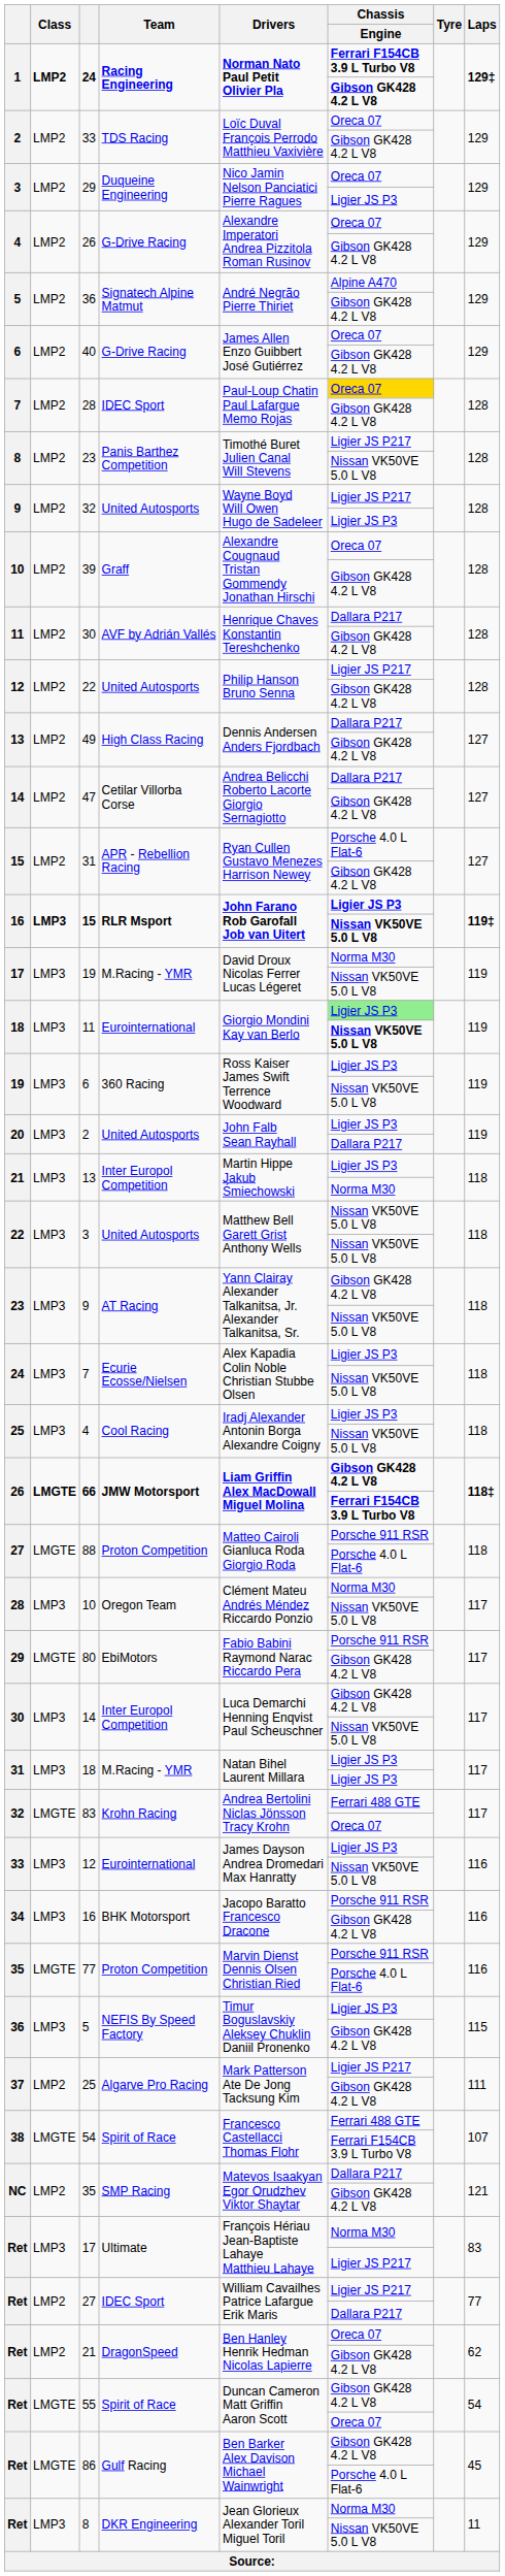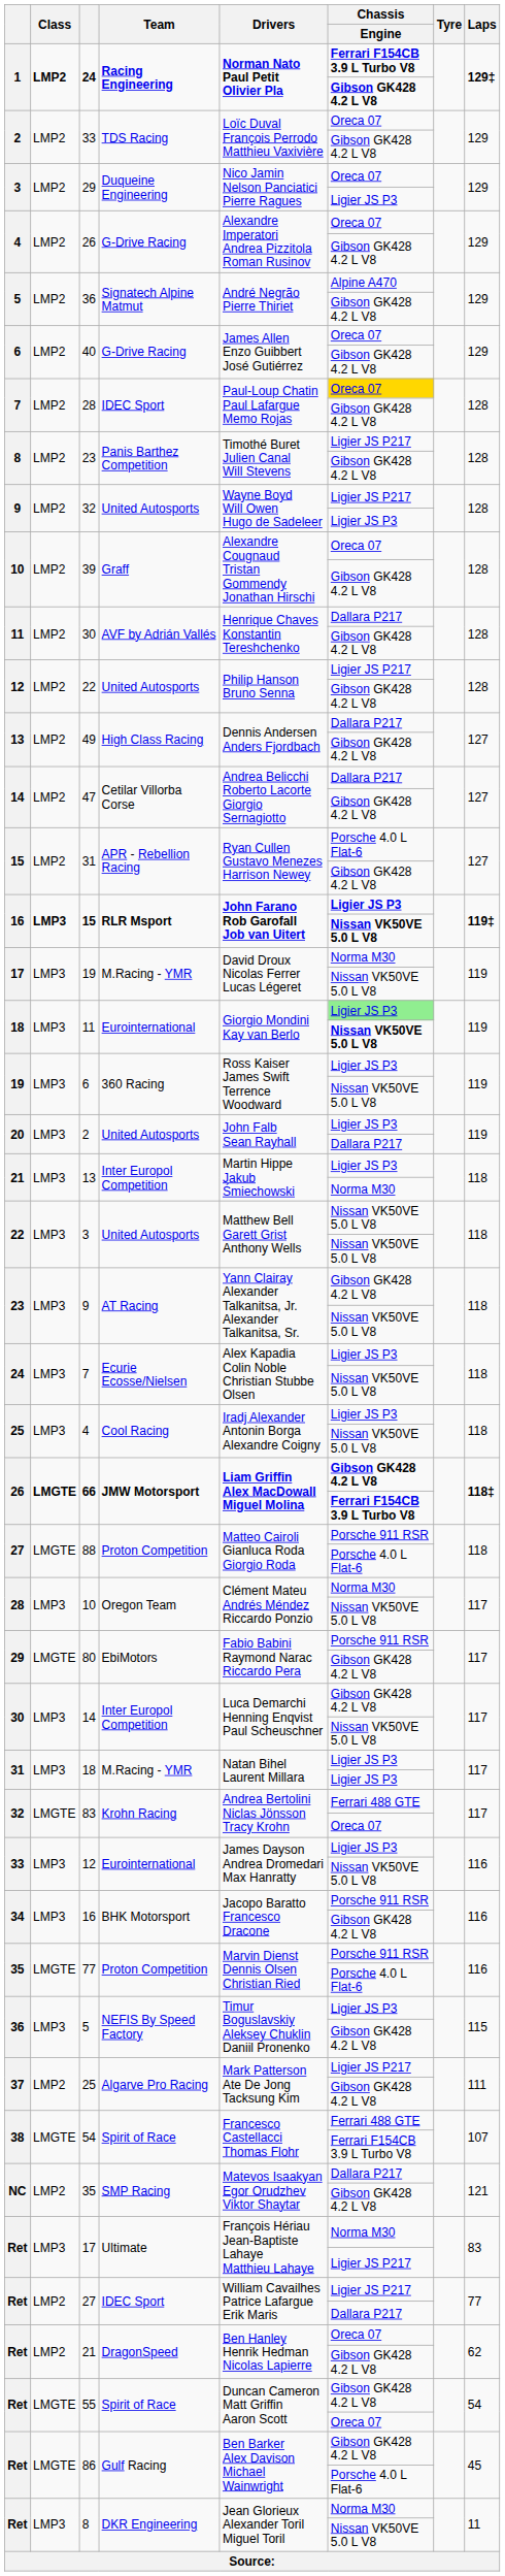 <table class="wikitable" style="font-size: 95%;">
 <tr>
 <th rowspan=2></th>
 <th rowspan=2>Class</th>
 <th rowspan=2></th>
 <th rowspan=2>Team</th>
 <th rowspan=2>Drivers</th>
 <th>Chassis</th>
 <th rowspan=2>Tyre</th>
 <th rowspan=2>Laps</th>
 </tr>
 <tr>
 <th>Engine</th>
 </tr>
 <tr style="font-weight:bold">
 <th rowspan=2>1</th>
 <td rowspan=2>LMP2</td>
 <td rowspan=2>24</td>
 <td rowspan=2> <a href='#'>Racing Engineering</a></td>
 <td rowspan=2> <a href='#'>Norman Nato</a><br> Paul Petit<br> <a href='#'>Olivier Pla</a></td>
 <td><a href='#'>Ferrari F154CB</a> 3.9 L Turbo V8</td>
 <td rowspan=2></td>
 <td rowspan=2>129‡</td>
 </tr>
 <tr style="font-weight:bold">
 <td><a href='#'>Gibson</a> GK428 4.2 L V8</td>
 </tr>
 <tr>
 <th rowspan=2>2</th>
 <td rowspan=2>LMP2</td>
 <td rowspan=2>33</td>
 <td rowspan=2> <a href='#'>TDS Racing</a></td>
 <td rowspan=2> <a href='#'>Loïc Duval</a><br> <a href='#'>François Perrodo</a><br> <a href='#'>Matthieu Vaxivière</a></td>
 <td><a href='#'>Oreca 07</a></td>
 <td rowspan=2></td>
 <td rowspan=2>129</td>
 </tr>
 <tr>
 <td><a href='#'>Gibson</a> GK428 4.2 L V8</td>
 </tr>
 <tr>
 <th rowspan=2>3</th>
 <td rowspan=2>LMP2</td>
 <td rowspan=2>29</td>
 <td rowspan=2> <a href='#'>Duqueine Engineering</a></td>
 <td rowspan=2> <a href='#'>Nico Jamin</a><br> <a href='#'>Nelson Panciatici</a><br> <a href='#'>Pierre Ragues</a></td>
 <td><a href='#'>Oreca 07</a></td>
 <td rowspan=2></td>
 <td rowspan=2>129</td>
 </tr>
 <tr>
 <td><a href='#'>Ligier JS P3</a></td>
 </tr>
 <tr>
 <th rowspan=2>4</th>
 <td rowspan=2>LMP2</td>
 <td rowspan=2>26</td>
 <td rowspan=2> <a href='#'>G-Drive Racing</a></td>
 <td rowspan=2> <a href='#'>Alexandre Imperatori</a><br> <a href='#'>Andrea Pizzitola</a><br> <a href='#'>Roman Rusinov</a></td>
 <td><a href='#'>Oreca 07</a></td>
 <td rowspan=2></td>
 <td rowspan=2>129</td>
 </tr>
 <tr>
 <td><a href='#'>Gibson</a> GK428 4.2 L V8</td>
 </tr>
 <tr>
 <th rowspan=2>5</th>
 <td rowspan=2>LMP2</td>
 <td rowspan=2>36</td>
 <td rowspan=2> <a href='#'>Signatech Alpine Matmut</a></td>
 <td rowspan=2> <a href='#'>André Negrão</a><br> <a href='#'>Pierre Thiriet</a></td>
 <td><a href='#'>Alpine A470</a></td>
 <td rowspan=2></td>
 <td rowspan=2>129</td>
 </tr>
 <tr>
 <td><a href='#'>Gibson</a> GK428 4.2 L V8</td>
 </tr>
 <tr>
 <th rowspan=2>6</th>
 <td rowspan=2>LMP2</td>
 <td rowspan=2>40</td>
 <td rowspan=2> <a href='#'>G-Drive Racing</a></td>
 <td rowspan=2> <a href='#'>James Allen</a><br> Enzo Guibbert<br> José Gutiérrez</td>
 <td><a href='#'>Oreca 07</a></td>
 <td rowspan=2></td>
 <td rowspan=2>129</td>
 </tr>
 <tr>
 <td><a href='#'>Gibson</a> GK428 4.2 L V8</td>
 </tr>
 <tr>
 <th rowspan=2>7</th>
 <td rowspan=2>LMP2</td>
 <td rowspan=2>28</td>
 <td rowspan=2> <a href='#'>IDEC Sport</a></td>
 <td rowspan=2> <a href='#'>Paul-Loup Chatin</a><br> <a href='#'>Paul Lafargue</a><br> <a href='#'>Memo Rojas</a></td>
 <td style="background: gold;"><a href='#'>Oreca 07</a></td>
 <td rowspan=2></td>
 <td rowspan=2>128</td>
 </tr>
 <tr>
 <td><a href='#'>Gibson</a> GK428 4.2 L V8</td>
 </tr>
 <tr>
 <th rowspan=2>8</th>
 <td rowspan=2>LMP2</td>
 <td rowspan=2>23</td>
 <td rowspan=2> <a href='#'>Panis Barthez Competition</a></td>
 <td rowspan=2> Timothé Buret<br> <a href='#'>Julien Canal</a><br> <a href='#'>Will Stevens</a></td>
 <td><a href='#'>Ligier JS P217</a></td>
 <td rowspan=2></td>
 <td rowspan=2>128</td>
 </tr>
 <tr>
-<td><a href='#'>Nissan</a> VK50VE  5.0 L V8</td>
+<td><a href='#'>Gibson</a> GK428 4.2 L V8</td>
 </tr>
 <tr>
 <th rowspan=2>9</th>
 <td rowspan=2>LMP2</td>
 <td rowspan=2>32</td>
 <td rowspan=2> <a href='#'>United Autosports</a></td>
 <td rowspan=2> <a href='#'>Wayne Boyd</a><br> <a href='#'>Will Owen</a><br> <a href='#'>Hugo de Sadeleer</a></td>
 <td><a href='#'>Ligier JS P217</a></td>
 <td rowspan=2></td>
 <td rowspan=2>128</td>
 </tr>
 <tr>
 <td><a href='#'>Ligier JS P3</a></td>
 </tr>
 <tr>
 <th rowspan=2>10</th>
 <td rowspan=2>LMP2</td>
 <td rowspan=2>39</td>
 <td rowspan=2> <a href='#'>Graff</a></td>
 <td rowspan=2> <a href='#'>Alexandre Cougnaud</a><br> <a href='#'>Tristan Gommendy</a><br> <a href='#'>Jonathan Hirschi</a></td>
 <td><a href='#'>Oreca 07</a></td>
 <td rowspan=2></td>
 <td rowspan=2>128</td>
 </tr>
 <tr>
 <td><a href='#'>Gibson</a> GK428 4.2 L V8</td>
 </tr>
 <tr>
 <th rowspan=2>11</th>
 <td rowspan=2>LMP2</td>
 <td rowspan=2>30</td>
 <td rowspan=2> <a href='#'>AVF by Adrián Vallés</a></td>
 <td rowspan=2> <a href='#'>Henrique Chaves</a><br> <a href='#'>Konstantin Tereshchenko</a></td>
 <td><a href='#'>Dallara P217</a></td>
 <td rowspan=2></td>
 <td rowspan=2>128</td>
 </tr>
 <tr>
 <td><a href='#'>Gibson</a> GK428 4.2 L V8</td>
 </tr>
 <tr>
 <th rowspan=2>12</th>
 <td rowspan=2>LMP2</td>
 <td rowspan=2>22</td>
 <td rowspan=2> <a href='#'>United Autosports</a></td>
 <td rowspan=2> <a href='#'>Philip Hanson</a><br> <a href='#'>Bruno Senna</a></td>
 <td><a href='#'>Ligier JS P217</a></td>
 <td rowspan=2></td>
 <td rowspan=2>128</td>
 </tr>
 <tr>
 <td><a href='#'>Gibson</a> GK428 4.2 L V8</td>
 </tr>
 <tr>
 <th rowspan=2>13</th>
 <td rowspan=2>LMP2</td>
 <td rowspan=2>49</td>
 <td rowspan=2> <a href='#'>High Class Racing</a></td>
 <td rowspan=2> Dennis Andersen<br> <a href='#'>Anders Fjordbach</a></td>
 <td><a href='#'>Dallara P217</a></td>
 <td rowspan=2></td>
 <td rowspan=2>127</td>
 </tr>
 <tr>
 <td><a href='#'>Gibson</a> GK428 4.2 L V8</td>
 </tr>
 <tr>
 <th rowspan=2>14</th>
 <td rowspan=2>LMP2</td>
 <td rowspan=2>47</td>
 <td rowspan=2> Cetilar Villorba Corse</td>
 <td rowspan=2> <a href='#'>Andrea Belicchi</a><br> <a href='#'>Roberto Lacorte</a><br> <a href='#'>Giorgio Sernagiotto</a></td>
 <td><a href='#'>Dallara P217</a></td>
 <td rowspan=2></td>
 <td rowspan=2>127</td>
 </tr>
 <tr>
 <td><a href='#'>Gibson</a> GK428 4.2 L V8</td>
 </tr>
 <tr>
 <th rowspan=2>15</th>
 <td rowspan=2>LMP2</td>
 <td rowspan=2>31</td>
 <td rowspan=2> <a href='#'>APR</a> - <a href='#'>Rebellion Racing</a></td>
 <td rowspan=2> <a href='#'>Ryan Cullen</a><br> <a href='#'>Gustavo Menezes</a><br> <a href='#'>Harrison Newey</a></td>
 <td><a href='#'>Porsche</a> 4.0 L <a href='#'>Flat-6</a></td>
 <td rowspan=2></td>
 <td rowspan=2>127</td>
 </tr>
 <tr>
 <td><a href='#'>Gibson</a> GK428 4.2 L V8</td>
 </tr>
 <tr style="font-weight:bold">
 <th rowspan=2>16</th>
 <td rowspan=2>LMP3</td>
 <td rowspan=2>15</td>
 <td rowspan=2> RLR Msport</td>
 <td rowspan=2> <a href='#'>John Farano</a><br> Rob Garofall<br> <a href='#'>Job van Uitert</a></td>
 <td><a href='#'>Ligier JS P3</a></td>
 <td rowspan=2></td>
 <td rowspan=2>119‡</td>
 </tr>
 <tr style="font-weight:bold">
 <td><a href='#'>Nissan</a> VK50VE  5.0 L V8</td>
 </tr>
 <tr>
 <th rowspan=2>17</th>
 <td rowspan=2>LMP3</td>
 <td rowspan=2>19</td>
 <td rowspan=2> M.Racing - <a href='#'>YMR</a></td>
 <td rowspan=2> David Droux<br> Nicolas Ferrer<br> Lucas Légeret</td>
 <td><a href='#'>Norma M30</a></td>
 <td rowspan=2></td>
 <td rowspan=2>119</td>
 </tr>
 <tr>
 <td><a href='#'>Nissan</a> VK50VE  5.0 L V8</td>
 </tr>
 <tr>
 <th rowspan=2>18</th>
 <td rowspan=2>LMP3</td>
 <td rowspan=2>11</td>
 <td rowspan=2> <a href='#'>Eurointernational</a></td>
 <td rowspan=2> <a href='#'>Giorgio Mondini</a><br> <a href='#'>Kay van Berlo</a></td>
 <td style="background: lightgreen;"><a href='#'>Ligier JS P3</a></td>
 <td rowspan=2></td>
 <td rowspan=2>119</td>
 </tr>
 <tr>
 <td><strong><a href='#'>Nissan</a> VK50VE  5.0 L V8</strong></td>
 </tr>
 <tr>
 <th rowspan=2>19</th>
 <td rowspan=2>LMP3</td>
 <td rowspan=2>6</td>
 <td rowspan=2> 360 Racing</td>
 <td rowspan=2> Ross Kaiser<br> James Swift<br> Terrence Woodward</td>
 <td><a href='#'>Ligier JS P3</a></td>
 <td rowspan=2></td>
 <td rowspan=2>119</td>
 </tr>
 <tr>
 <td><a href='#'>Nissan</a> VK50VE  5.0 L V8</td>
 </tr>
 <tr>
 <th rowspan=2>20</th>
 <td rowspan=2>LMP3</td>
 <td rowspan=2>2</td>
 <td rowspan=2> <a href='#'>United Autosports</a></td>
 <td rowspan=2> <a href='#'>John Falb</a><br> <a href='#'>Sean Rayhall</a></td>
 <td><a href='#'>Ligier JS P3</a></td>
 <td rowspan=2></td>
 <td rowspan=2>119</td>
 </tr>
 <tr>
 <td><a href='#'>Dallara P217</a></td>
 </tr>
 <tr>
 <th rowspan=2>21</th>
 <td rowspan=2>LMP3</td>
 <td rowspan=2>13</td>
 <td rowspan=2> <a href='#'>Inter Europol Competition</a></td>
 <td rowspan=2> Martin Hippe<br> <a href='#'>Jakub Śmiechowski</a></td>
 <td><a href='#'>Ligier JS P3</a></td>
 <td rowspan=2></td>
 <td rowspan=2>118</td>
 </tr>
 <tr>
 <td><a href='#'>Norma M30</a></td>
 </tr>
 <tr>
 <th rowspan=2>22</th>
 <td rowspan=2>LMP3</td>
 <td rowspan=2>3</td>
 <td rowspan=2> <a href='#'>United Autosports</a></td>
 <td rowspan=2> Matthew Bell<br> <a href='#'>Garett Grist</a><br> Anthony Wells</td>
 <td><a href='#'>Nissan</a> VK50VE  5.0 L V8</td>
 <td rowspan=2></td>
 <td rowspan=2>118</td>
 </tr>
 <tr>
 <td><a href='#'>Nissan</a> VK50VE  5.0 L V8</td>
 </tr>
 <tr>
 <th rowspan=2>23</th>
 <td rowspan=2>LMP3</td>
 <td rowspan=2>9</td>
 <td rowspan=2> <a href='#'>AT Racing</a></td>
 <td rowspan=2> <a href='#'>Yann Clairay</a><br> Alexander Talkanitsa, Jr.<br> Alexander Talkanitsa, Sr.</td>
 <td><a href='#'>Gibson</a> GK428 4.2 L V8</td>
 <td rowspan=2></td>
 <td rowspan=2>118</td>
 </tr>
 <tr>
 <td><a href='#'>Nissan</a> VK50VE  5.0 L V8</td>
 </tr>
 <tr>
 <th rowspan=2>24</th>
 <td rowspan=2>LMP3</td>
 <td rowspan=2>7</td>
 <td rowspan=2> <a href='#'>Ecurie Ecosse/Nielsen</a></td>
 <td rowspan=2> Alex Kapadia<br> Colin Noble<br> Christian Stubbe Olsen</td>
 <td><a href='#'>Ligier JS P3</a></td>
 <td rowspan=2></td>
 <td rowspan=2>118</td>
 </tr>
 <tr>
 <td><a href='#'>Nissan</a> VK50VE  5.0 L V8</td>
 </tr>
 <tr>
 <th rowspan=2>25</th>
 <td rowspan=2>LMP3</td>
 <td rowspan=2>4</td>
 <td rowspan=2> <a href='#'>Cool Racing</a></td>
 <td rowspan=2> <a href='#'>Iradj Alexander</a><br> Antonin Borga<br> Alexandre Coigny</td>
 <td><a href='#'>Ligier JS P3</a></td>
 <td rowspan=2></td>
 <td rowspan=2>118</td>
 </tr>
 <tr>
 <td><a href='#'>Nissan</a> VK50VE  5.0 L V8</td>
 </tr>
 <tr style="font-weight:bold">
 <th rowspan=2>26</th>
 <td rowspan=2>LMGTE</td>
 <td rowspan=2>66</td>
 <td rowspan=2> JMW Motorsport</td>
 <td rowspan=2> <a href='#'>Liam Griffin</a><br> <a href='#'>Alex MacDowall</a><br> <a href='#'>Miguel Molina</a></td>
 <td><a href='#'>Gibson</a> GK428 4.2 L V8</td>
 <td rowspan=2></td>
 <td rowspan=2>118‡</td>
 </tr>
 <tr style="font-weight:bold">
 <td><a href='#'>Ferrari F154CB</a> 3.9 L Turbo V8</td>
 </tr>
 <tr>
 <th rowspan=2>27</th>
 <td rowspan=2>LMGTE</td>
 <td rowspan=2>88</td>
 <td rowspan=2> <a href='#'>Proton Competition</a></td>
 <td rowspan=2> <a href='#'>Matteo Cairoli</a><br> Gianluca Roda<br> <a href='#'>Giorgio Roda</a></td>
 <td><a href='#'>Porsche 911 RSR</a></td>
 <td rowspan=2></td>
 <td rowspan=2>118</td>
 </tr>
 <tr>
 <td><a href='#'>Porsche</a> 4.0 L <a href='#'>Flat-6</a></td>
 </tr>
 <tr>
 <th rowspan=2>28</th>
 <td rowspan=2>LMP3</td>
 <td rowspan=2>10</td>
 <td rowspan=2> Oregon Team</td>
 <td rowspan=2> Clément Mateu<br> <a href='#'>Andrés Méndez</a><br> Riccardo Ponzio</td>
 <td><a href='#'>Norma M30</a></td>
 <td rowspan=2></td>
 <td rowspan=2>117</td>
 </tr>
 <tr>
 <td><a href='#'>Nissan</a> VK50VE  5.0 L V8</td>
 </tr>
 <tr>
 <th rowspan=2>29</th>
 <td rowspan=2>LMGTE</td>
 <td rowspan=2>80</td>
 <td rowspan=2> EbiMotors</td>
 <td rowspan=2> <a href='#'>Fabio Babini</a><br> Raymond Narac<br> <a href='#'>Riccardo Pera</a></td>
 <td><a href='#'>Porsche 911 RSR</a></td>
 <td rowspan=2></td>
 <td rowspan=2>117</td>
 </tr>
 <tr>
 <td><a href='#'>Gibson</a> GK428 4.2 L V8</td>
 </tr>
 <tr>
 <th rowspan=2>30</th>
 <td rowspan=2>LMP3</td>
 <td rowspan=2>14</td>
 <td rowspan=2> <a href='#'>Inter Europol Competition</a></td>
 <td rowspan=2> Luca Demarchi<br> Henning Enqvist<br> Paul Scheuschner</td>
 <td><a href='#'>Gibson</a> GK428 4.2 L V8</td>
 <td rowspan=2></td>
 <td rowspan=2>117</td>
 </tr>
 <tr>
 <td><a href='#'>Nissan</a> VK50VE  5.0 L V8</td>
 </tr>
 <tr>
 <th rowspan=2>31</th>
 <td rowspan=2>LMP3</td>
 <td rowspan=2>18</td>
 <td rowspan=2> M.Racing - <a href='#'>YMR</a></td>
 <td rowspan=2> Natan Bihel<br> Laurent Millara</td>
 <td><a href='#'>Ligier JS P3</a></td>
 <td rowspan=2></td>
 <td rowspan=2>117</td>
 </tr>
 <tr>
 <td><a href='#'>Ligier JS P3</a></td>
 </tr>
 <tr>
 <th rowspan=2>32</th>
 <td rowspan=2>LMGTE</td>
 <td rowspan=2>83</td>
 <td rowspan=2> <a href='#'>Krohn Racing</a></td>
 <td rowspan=2> <a href='#'>Andrea Bertolini</a><br> <a href='#'>Niclas Jönsson</a><br> <a href='#'>Tracy Krohn</a></td>
 <td><a href='#'>Ferrari 488 GTE</a></td>
 <td rowspan=2></td>
 <td rowspan=2>117</td>
 </tr>
 <tr>
 <td><a href='#'>Oreca 07</a></td>
 </tr>
 <tr>
 <th rowspan=2>33</th>
 <td rowspan=2>LMP3</td>
 <td rowspan=2>12</td>
 <td rowspan=2> <a href='#'>Eurointernational</a></td>
 <td rowspan=2> James Dayson<br> Andrea Dromedari<br> Max Hanratty</td>
 <td><a href='#'>Ligier JS P3</a></td>
 <td rowspan=2></td>
 <td rowspan=2>116</td>
 </tr>
 <tr>
 <td><a href='#'>Nissan</a> VK50VE  5.0 L V8</td>
 </tr>
 <tr>
 <th rowspan=2>34</th>
 <td rowspan=2>LMP3</td>
 <td rowspan=2>16</td>
 <td rowspan=2> BHK Motorsport</td>
 <td rowspan=2> Jacopo Baratto<br> <a href='#'>Francesco Dracone</a></td>
 <td><a href='#'>Porsche 911 RSR</a></td>
 <td rowspan=2></td>
 <td rowspan=2>116</td>
 </tr>
 <tr>
 <td><a href='#'>Gibson</a> GK428 4.2 L V8</td>
 </tr>
 <tr>
 <th rowspan=2>35</th>
 <td rowspan=2>LMGTE</td>
 <td rowspan=2>77</td>
 <td rowspan=2> <a href='#'>Proton Competition</a></td>
 <td rowspan=2> <a href='#'>Marvin Dienst</a><br> <a href='#'>Dennis Olsen</a><br> <a href='#'>Christian Ried</a></td>
 <td><a href='#'>Porsche 911 RSR</a></td>
 <td rowspan=2></td>
 <td rowspan=2>116</td>
 </tr>
 <tr>
 <td><a href='#'>Porsche</a> 4.0 L <a href='#'>Flat-6</a></td>
 </tr>
 <tr>
 <th rowspan=2>36</th>
 <td rowspan=2>LMP3</td>
 <td rowspan=2>5</td>
 <td rowspan=2> <a href='#'>NEFIS By Speed Factory</a></td>
 <td rowspan=2> <a href='#'>Timur Boguslavskiy</a><br> <a href='#'>Aleksey Chuklin</a><br> Daniil Pronenko</td>
 <td><a href='#'>Ligier JS P3</a></td>
 <td rowspan=2></td>
 <td rowspan=2>115</td>
 </tr>
 <tr>
 <td><a href='#'>Gibson</a> GK428 4.2 L V8</td>
 </tr>
 <tr>
 <th rowspan=2>37</th>
 <td rowspan=2>LMP2</td>
 <td rowspan=2>25</td>
 <td rowspan=2> <a href='#'>Algarve Pro Racing</a></td>
 <td rowspan=2> <a href='#'>Mark Patterson</a><br> Ate De Jong<br> Tacksung Kim</td>
 <td><a href='#'>Ligier JS P217</a></td>
 <td rowspan=2></td>
 <td rowspan=2>111</td>
 </tr>
 <tr>
 <td><a href='#'>Gibson</a> GK428 4.2 L V8</td>
 </tr>
 <tr>
 <th rowspan=2>38</th>
 <td rowspan=2>LMGTE</td>
 <td rowspan=2>54</td>
 <td rowspan=2> <a href='#'>Spirit of Race</a></td>
 <td rowspan=2> <a href='#'>Francesco Castellacci</a><br> <a href='#'>Thomas Flohr</a></td>
 <td><a href='#'>Ferrari 488 GTE</a></td>
 <td rowspan=2></td>
 <td rowspan=2>107</td>
 </tr>
 <tr>
 <td><a href='#'>Ferrari F154CB</a> 3.9 L Turbo V8</td>
 </tr>
 <tr>
 <th rowspan=2>NC</th>
 <td rowspan=2>LMP2</td>
 <td rowspan=2>35</td>
 <td rowspan=2> <a href='#'>SMP Racing</a></td>
 <td rowspan=2> <a href='#'>Matevos Isaakyan</a><br> <a href='#'>Egor Orudzhev</a><br> <a href='#'>Viktor Shaytar</a></td>
 <td><a href='#'>Dallara P217</a></td>
 <td rowspan=2></td>
 <td rowspan=2>121</td>
 </tr>
 <tr>
 <td><a href='#'>Gibson</a> GK428 4.2 L V8</td>
 </tr>
 <tr>
 <th rowspan=2>Ret</th>
 <td rowspan=2>LMP3</td>
 <td rowspan=2>17</td>
 <td rowspan=2> Ultimate</td>
 <td rowspan=2> François Hériau<br> Jean-Baptiste Lahaye<br> <a href='#'>Matthieu Lahaye</a></td>
 <td><a href='#'>Norma M30</a></td>
 <td rowspan=2></td>
 <td rowspan=2>83</td>
 </tr>
 <tr>
 <td><a href='#'>Ligier JS P217</a></td>
 </tr>
 <tr>
 <th rowspan=2>Ret</th>
 <td rowspan=2>LMP2</td>
 <td rowspan=2>27</td>
 <td rowspan=2> <a href='#'>IDEC Sport</a></td>
 <td rowspan=2> William Cavailhes<br> Patrice Lafargue<br> Erik Maris</td>
 <td><a href='#'>Ligier JS P217</a></td>
 <td rowspan=2></td>
 <td rowspan=2>77</td>
 </tr>
 <tr>
 <td><a href='#'>Dallara P217</a></td>
 </tr>
 <tr>
 <th rowspan=2>Ret</th>
 <td rowspan=2>LMP2</td>
 <td rowspan=2>21</td>
 <td rowspan=2> <a href='#'>DragonSpeed</a></td>
 <td rowspan=2> <a href='#'>Ben Hanley</a><br> Henrik Hedman<br> <a href='#'>Nicolas Lapierre</a></td>
 <td><a href='#'>Oreca 07</a></td>
 <td rowspan=2></td>
 <td rowspan=2>62</td>
 </tr>
 <tr>
 <td><a href='#'>Gibson</a> GK428 4.2 L V8</td>
 </tr>
 <tr>
 <th rowspan=2>Ret</th>
 <td rowspan=2>LMGTE</td>
 <td rowspan=2>55</td>
 <td rowspan=2> <a href='#'>Spirit of Race</a></td>
 <td rowspan=2> Duncan Cameron<br> Matt Griffin<br> Aaron Scott</td>
 <td><a href='#'>Gibson</a> GK428 4.2 L V8</td>
 <td rowspan=2></td>
 <td rowspan=2>54</td>
 </tr>
 <tr>
 <td><a href='#'>Oreca 07</a></td>
 </tr>
 <tr>
 <th rowspan=2>Ret</th>
 <td rowspan=2>LMGTE</td>
 <td rowspan=2>86</td>
 <td rowspan=2> <a href='#'>Gulf</a> Racing</td>
 <td rowspan=2> <a href='#'>Ben Barker</a><br> <a href='#'>Alex Davison</a><br> <a href='#'>Michael Wainwright</a></td>
 <td><a href='#'>Gibson</a> GK428 4.2 L V8</td>
 <td rowspan=2></td>
 <td rowspan=2>45</td>
 </tr>
 <tr>
 <td><a href='#'>Porsche</a> 4.0 L Flat-6</td>
 </tr>
 <tr>
 <th rowspan=2>Ret</th>
 <td rowspan=2>LMP3</td>
 <td rowspan=2>8</td>
 <td rowspan=2> <a href='#'>DKR Engineering</a></td>
 <td rowspan=2> Jean Glorieux<br> Alexander Toril<br> Miguel Toril</td>
 <td><a href='#'>Norma M30</a></td>
 <td rowspan=2></td>
 <td rowspan=2>11</td>
 </tr>
 <tr>
 <td><a href='#'>Nissan</a> VK50VE  5.0 L V8</td>
 </tr>
 <tr>
 <th colspan="8">Source:</th>
 </tr>
 </table>
